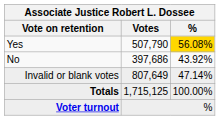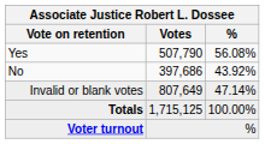 <table class="wikitable" style="font-size: 95%;">
 <tr style="background-color:#E9E9E9">
 <th colspan=7>Associate Justice Robert L. Dossee</th>
 </tr>
 <tr style="background-color:#E9E9E9">
 <th style="width: 170px">Vote on retention</th>
 <th style="width: 50px">Votes</th>
 <th style="width: 40px">%</th>
 </tr>
 <tr>
 <td>Yes</td>
 <td align="right">507,790</td>
-<td align="right" style="background: gold;">56.08%</td>
+<td align="right">56.08%</td>
 </tr>
 <tr>
 <td>No</td>
 <td align="right">397,686</td>
 <td align="right">43.92%</td>
 </tr>
 <tr style="background-color:#EEEEEE">
 <td align="right">Invalid or blank votes</td>
 <td align="right">807,649</td>
 <td align="right">47.14%</td>
 </tr>
 <tr style="background-color:#EEEEEE">
 <td colspan="1" align="right"><strong>Totals</strong></td>
 <td align="right">1,715,125</td>
 <td align="right">100.00%</td>
 </tr>
 <tr style="background-color:#EEEEEE">
 <td align="right"><strong><a href='#'>Voter turnout</a></strong></td>
 <td colspan="2" align="right">%</td>
 </tr>
 </table>
